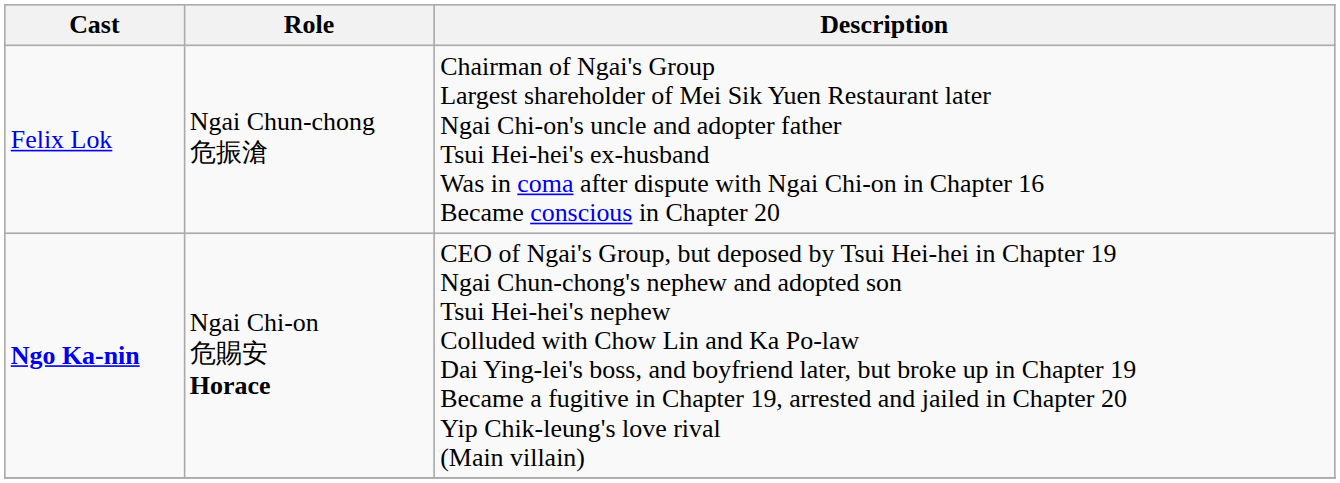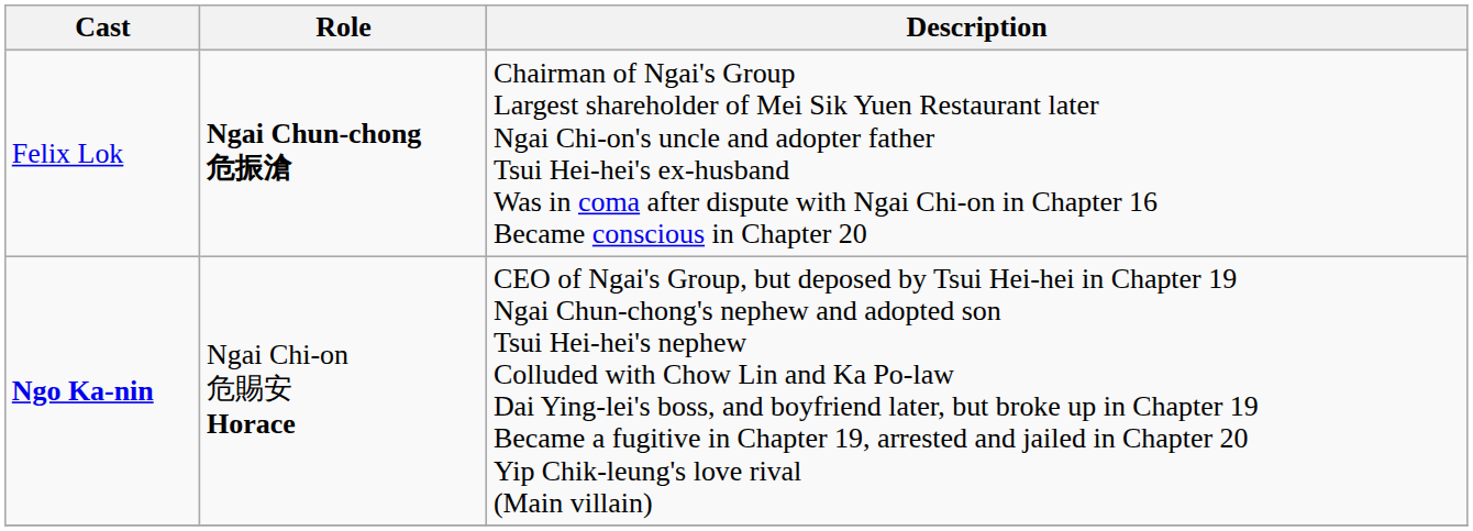 <table class="wikitable" width="65%">
 <tr>
 <th>Cast</th>
 <th>Role</th>
 <th>Description</th>
 </tr>
 <tr>
 <td><a href='#'>Felix Lok</a></td>
-<td>Ngai Chun-chong <br> 危振滄</td>
+<td><strong>Ngai Chun-chong <br> 危振滄</strong></td>
 <td>Chairman of Ngai's Group<br>Largest shareholder of Mei Sik Yuen Restaurant later<br>Ngai Chi-on's uncle and adopter father<br>Tsui Hei-hei's ex-husband<br>Was in <a href='#'>coma</a> after dispute with Ngai Chi-on in Chapter 16<br>Became <a href='#'>conscious</a> in Chapter 20</td>
 </tr>
 <tr>
 <td><strong><a href='#'>Ngo Ka-nin</a></strong></td>
 <td>Ngai Chi-on <br> 危賜安 <br> <strong>Horace</strong></td>
 <td>CEO of Ngai's Group, but deposed by Tsui Hei-hei in Chapter 19<br>Ngai Chun-chong's nephew and adopted son<br>Tsui Hei-hei's nephew<br>Colluded with Chow Lin and Ka Po-law<br>Dai Ying-lei's boss, and boyfriend later, but broke up in Chapter 19<br>Became a fugitive in Chapter 19, arrested and jailed in Chapter 20<br>Yip Chik-leung's love rival<br>(Main villain)</td>
 </tr>
 <tr>
 </tr>
 </table>
